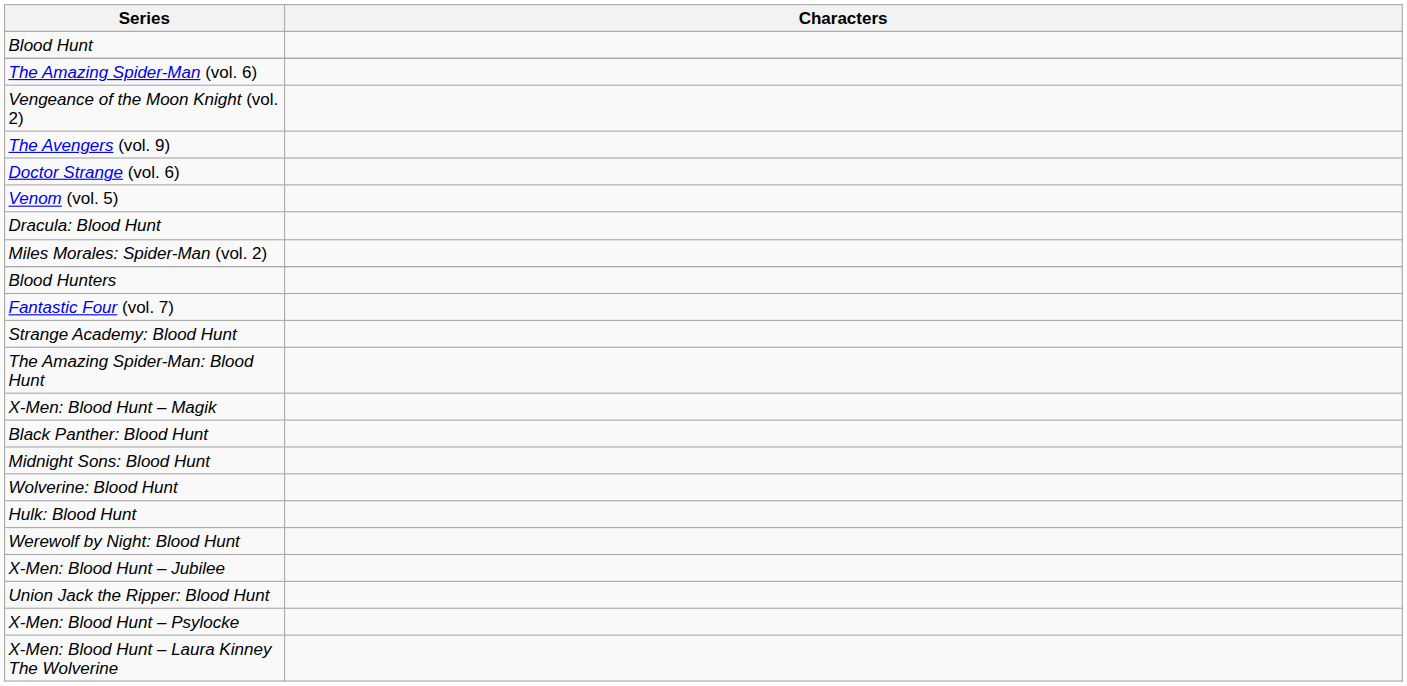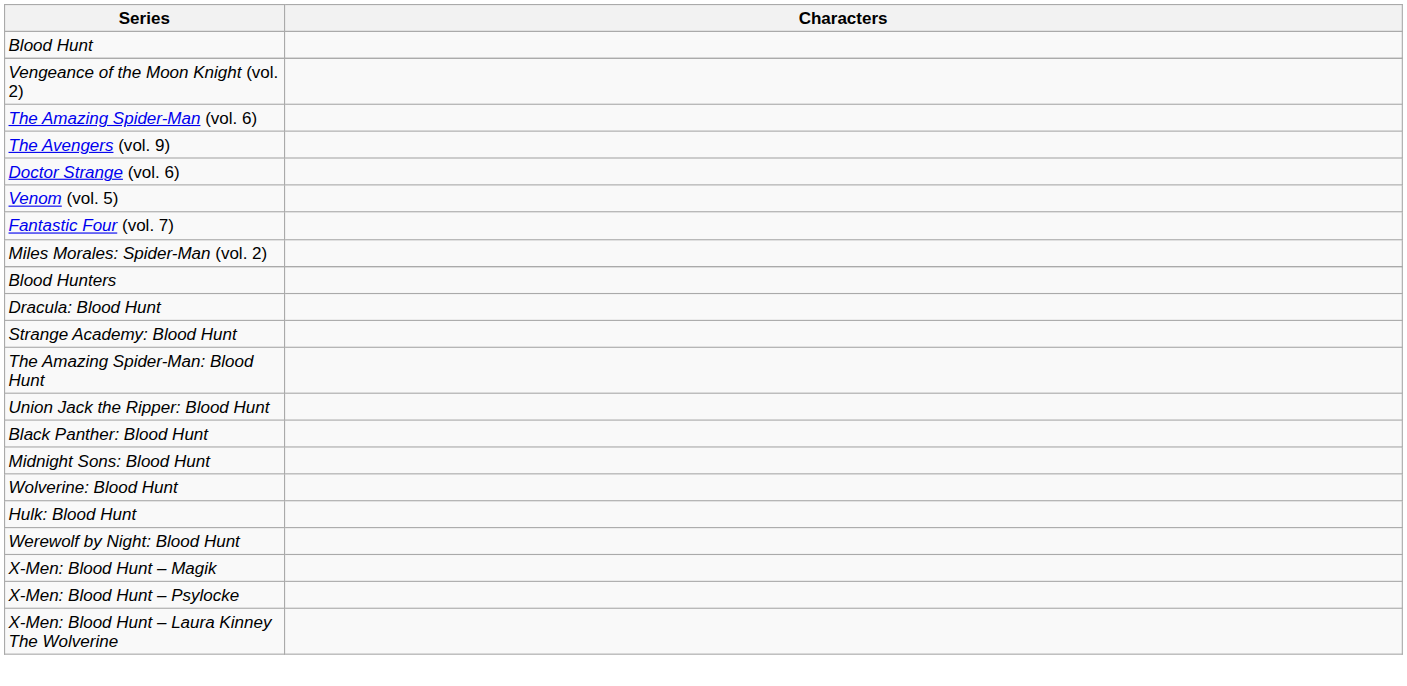 <table class="wikitable sortable" style="margins:auto; width=95%; font-size: 95%;">
 <tr>
 <th width="20%">Series</th>
 <th>Characters</th>
 </tr>
 <tr>
 </tr>
 <tr>
 <td><em>Blood Hunt</em></td>
 <td></td>
 </tr>
 <tr>
 </tr>
 <tr>
-<td><em><a href='#'>The Amazing Spider-Man</a></em> (vol. 6)</td>
+<td><em>Vengeance of the Moon Knight</em> (vol. 2)</td>
 <td></td>
 </tr>
 <tr>
-<td><em>Vengeance of the Moon Knight</em> (vol. 2)</td>
+<td><em><a href='#'>The Amazing Spider-Man</a></em> (vol. 6)</td>
 <td></td>
 </tr>
 <tr>
 <td><em><a href='#'>The Avengers</a></em> (vol. 9)</td>
 <td></td>
 </tr>
 <tr>
 <td><em><a href='#'>Doctor Strange</a></em> (vol. 6)</td>
 <td></td>
 </tr>
 <tr>
 <td><em><a href='#'>Venom</a></em> (vol. 5)</td>
 <td></td>
 </tr>
 <tr>
-<td><em>Dracula: Blood Hunt</em></td>
+<td><em><a href='#'>Fantastic Four</a></em> (vol. 7)</td>
 <td></td>
 </tr>
 <tr>
 <td><em>Miles Morales: Spider-Man</em> (vol. 2)</td>
 <td></td>
 </tr>
 <tr>
 </tr>
 <tr>
 <td><em>Blood Hunters</em></td>
 <td></td>
 </tr>
 <tr>
-<td><em><a href='#'>Fantastic Four</a></em> (vol. 7)</td>
+<td><em>Dracula: Blood Hunt</em></td>
 <td></td>
 </tr>
 <tr>
 <td><em>Strange Academy: Blood Hunt</em></td>
 <td></td>
 </tr>
 <tr>
 <td><em>The Amazing Spider-Man: Blood Hunt</em></td>
 <td></td>
 </tr>
 <tr>
-<td><em>X-Men: Blood Hunt – Magik</em></td>
+<td><em>Union Jack the Ripper: Blood Hunt</em></td>
 <td></td>
 </tr>
 <tr>
 <td><em>Black Panther: Blood Hunt</em></td>
 <td></td>
 </tr>
 <tr>
 <td><em>Midnight Sons: Blood Hunt</em></td>
 <td></td>
 </tr>
 <tr>
 <td><em>Wolverine: Blood Hunt</em></td>
 <td></td>
 </tr>
 <tr>
 <td><em>Hulk: Blood Hunt</em></td>
 <td></td>
 </tr>
 <tr>
 <td><em>Werewolf by Night: Blood Hunt</em></td>
 <td></td>
 </tr>
 <tr>
-<td><em>X-Men: Blood Hunt – Jubilee</em></td>
-<td></td>
-</tr>
-<tr>
-<td><em>Union Jack the Ripper: Blood Hunt</em></td>
+<td><em>X-Men: Blood Hunt – Magik</em></td>
 <td></td>
 </tr>
 <tr>
 <td><em>X-Men: Blood Hunt – Psylocke</em></td>
 <td></td>
 </tr>
 <tr>
 <td><em>X-Men: Blood Hunt – Laura Kinney The Wolverine</em></td>
 <td></td>
 </tr>
 </table>
